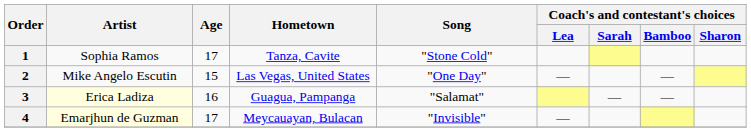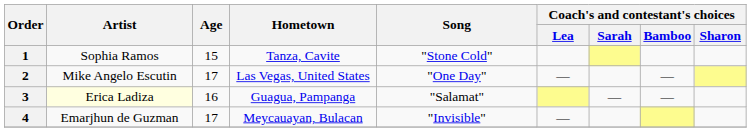 <table class="wikitable" style="text-align:center; line-height:17px;width:100%;">
 <tr>
 <th scope="col" rowspan="2" width="05%">Order</th>
 <th scope="col" rowspan="2" width="20%">Artist</th>
 <th scope="col" rowspan="2" width="05%">Age</th>
 <th scope="col" rowspan="2" width="20%">Hometown</th>
 <th scope="col" rowspan="2" width="22%">Song</th>
 <th scope="col" colspan="4" width="28%">Coach's and contestant's choices</th>
 </tr>
 <tr>
 <th width="07%"><a href='#'>Lea</a></th>
 <th width="07%"><a href='#'>Sarah</a></th>
 <th width="07%"><a href='#'>Bamboo</a></th>
 <th width="07%"><a href='#'>Sharon</a></th>
 </tr>
 <tr>
 <th>1</th>
 <td>Sophia Ramos</td>
-<td>17</td>
+<td>15</td>
 <td><a href='#'>Tanza, Cavite</a></td>
 <td>"<a href='#'>Stone Cold</a>"</td>
 <td><strong></strong></td>
 <td style="background:#fdfc8f;"><strong></strong></td>
 <td><strong></strong></td>
 <td><strong></strong></td>
 </tr>
 <tr>
 <th>2</th>
 <td>Mike Angelo Escutin</td>
-<td>15</td>
+<td>17</td>
 <td><a href='#'>Las Vegas, United States</a></td>
 <td>"<a href='#'>One Day</a>"</td>
 <td>—</td>
 <td><strong></strong></td>
 <td>—</td>
 <td style="background:#fdfc8f;"><strong></strong></td>
 </tr>
 <tr>
 <th>3</th>
 <td style="background: lightyellow;">Erica Ladiza</td>
 <td>16</td>
 <td><a href='#'>Guagua, Pampanga</a></td>
 <td>"Salamat"</td>
 <td style="background:#fdfc8f;"><strong></strong></td>
 <td>—</td>
 <td>—</td>
 <td><strong></strong></td>
 </tr>
 <tr>
 <th>4</th>
-<td style="background: lightyellow;">Emarjhun de Guzman</td>
+<td>Emarjhun de Guzman</td>
 <td>17</td>
 <td><a href='#'>Meycauayan, Bulacan</a></td>
 <td>"<a href='#'>Invisible</a>"</td>
 <td>—</td>
 <td><strong></strong></td>
 <td style="background:#fdfc8f;"><strong></strong></td>
 <td><strong></strong></td>
 </tr>
 <tr>
 </tr>
 </table>
